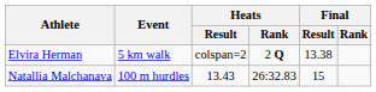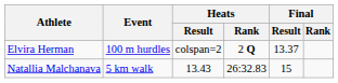 <table class="wikitable" style="font-size:90%">
 <tr>
 <th rowspan=2>Athlete</th>
 <th rowspan=2>Event</th>
 <th colspan=2>Heats</th>
 <th colspan=2>Final</th>
 </tr>
 <tr style="font-size:95%">
 <th>Result</th>
 <th>Rank</th>
 <th>Result</th>
 <th>Rank</th>
 </tr>
 <tr align=center>
 <td align=left><a href='#'>Elvira Herman</a></td>
-<td align=left><a href='#'>5 km walk</a></td>
+<td align=left><a href='#'>100 m hurdles</a></td>
 <td>colspan=2 </td>
 <td>2 <strong>Q</strong></td>
-<td>13.38</td>
+<td>13.37</td>
 <td></td>
 </tr>
 <tr align=center>
 <td align=left><a href='#'>Natallia Malchanava</a></td>
-<td align=left><a href='#'>100 m hurdles</a></td>
+<td align=left><a href='#'>5 km walk</a></td>
 <td>13.43</td>
 <td>26:32.83</td>
 <td>15</td>
 </tr>
 </table>
